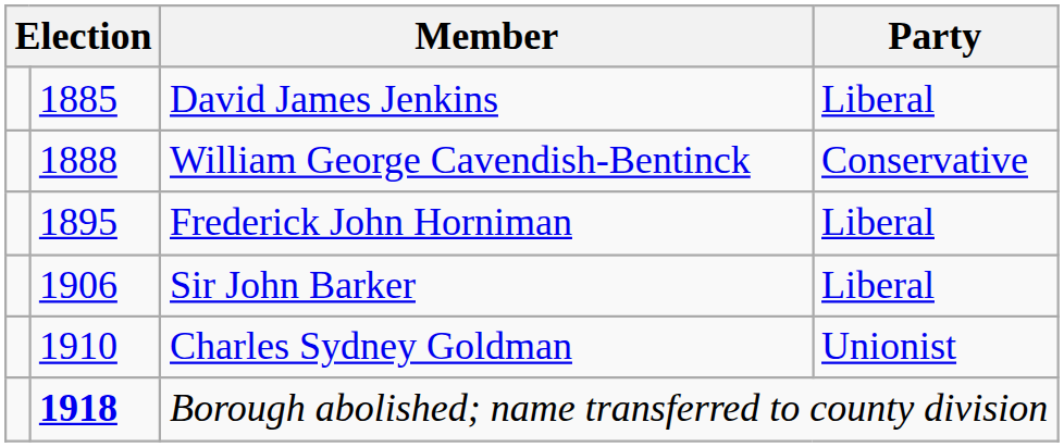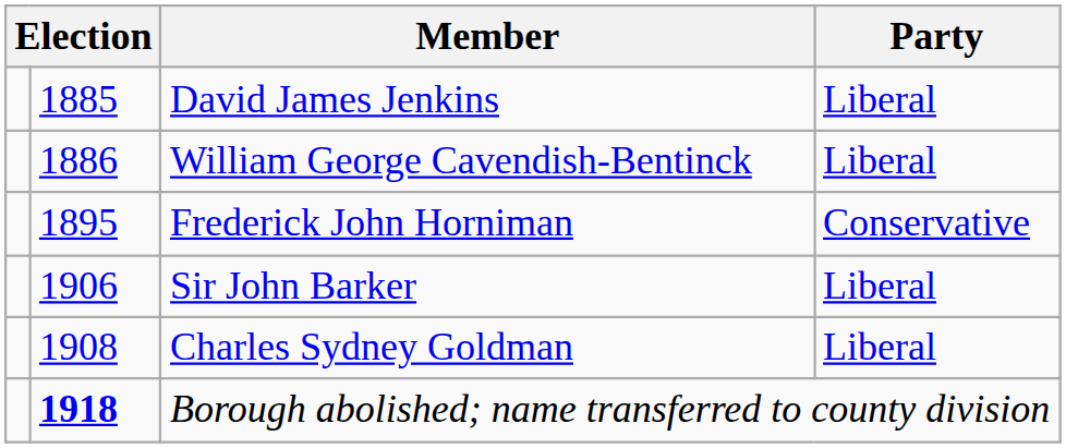 <table class="wikitable">
 <tr>
 <th colspan="2">Election</th>
 <th>Member</th>
 <th>Party</th>
 </tr>
 <tr>
 <td style="color:inherit;background-color: "></td>
 <td><a href='#'>1885</a></td>
 <td><a href='#'>David James Jenkins</a></td>
 <td><a href='#'>Liberal</a></td>
 </tr>
 <tr>
 <td style="color:inherit;background-color: "></td>
-<td><a href='#'>1888</a></td>
+<td><a href='#'>1886</a></td>
 <td><a href='#'>William George Cavendish-Bentinck</a></td>
-<td><a href='#'>Conservative</a></td>
+<td><a href='#'>Liberal</a></td>
 </tr>
 <tr>
 <td style="color:inherit;background-color: "></td>
 <td><a href='#'>1895</a></td>
 <td><a href='#'>Frederick John Horniman</a></td>
-<td><a href='#'>Liberal</a></td>
+<td><a href='#'>Conservative</a></td>
 </tr>
 <tr>
 <td style="color:inherit;background-color: "></td>
 <td><a href='#'>1906</a></td>
 <td><a href='#'>Sir John Barker</a></td>
 <td><a href='#'>Liberal</a></td>
 </tr>
 <tr>
 <td style="color:inherit;background-color: "></td>
-<td><a href='#'>1910</a></td>
+<td><a href='#'>1908</a></td>
 <td><a href='#'>Charles Sydney Goldman</a></td>
-<td><a href='#'>Unionist</a></td>
+<td><a href='#'>Liberal</a></td>
 </tr>
 <tr>
 <td></td>
 <td><strong><a href='#'>1918</a></strong></td>
 <td colspan="2"><em>Borough abolished; name transferred to county division</em></td>
 </tr>
 </table>
